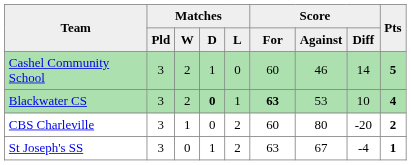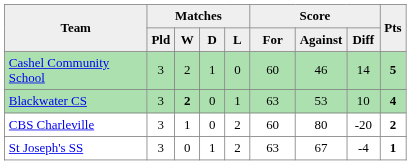 <table style=border-collapse:collapse border=1 cellspacing=0 cellpadding=5>
 <tr align=center bgcolor=#efefef>
 <th rowspan=2 width=165>Team</th>
 <th colspan=4>Matches</th>
 <th colspan=3>Score</th>
 <th rowspan=2width=20>Pts</th>
 </tr>
 <tr align=center bgcolor=#efefef>
 <th width=20>Pld</th>
 <th width=20>W</th>
 <th width=20>D</th>
 <th width=20>L</th>
 <th width=45>For</th>
 <th width=45>Against</th>
 <th width=30>Diff</th>
 </tr>
 <tr align=center style="background:#ACE1AF;">
 <td style="text-align:left;"><a href='#'>Cashel Community School</a></td>
 <td>3</td>
 <td>2</td>
 <td>1</td>
 <td>0</td>
 <td>60</td>
 <td>46</td>
 <td>14</td>
 <td><strong>5</strong></td>
 </tr>
 <tr align=center style="background:#ACE1AF;">
 <td style="text-align:left;"><a href='#'>Blackwater CS</a></td>
 <td>3</td>
-<td>2</td>
-<td><strong>0</strong></td>
+<td><strong>2</strong></td>
+<td>0</td>
 <td>1</td>
-<td><strong>63</strong></td>
+<td>63</td>
 <td>53</td>
 <td>10</td>
 <td><strong>4</strong></td>
 </tr>
 <tr align=center>
 <td style="text-align:left;"><a href='#'>CBS Charleville</a></td>
 <td>3</td>
 <td>1</td>
 <td>0</td>
 <td>2</td>
 <td>60</td>
 <td>80</td>
 <td>-20</td>
 <td><strong>2</strong></td>
 </tr>
 <tr align=center>
 <td style="text-align:left;"><a href='#'>St Joseph's SS</a></td>
 <td>3</td>
 <td>0</td>
 <td>1</td>
 <td>2</td>
 <td>63</td>
 <td>67</td>
 <td>-4</td>
 <td><strong>1</strong></td>
 </tr>
 </table>
